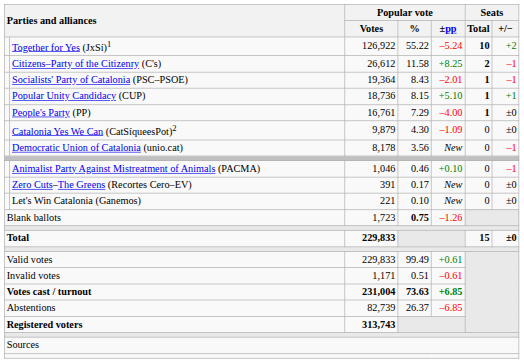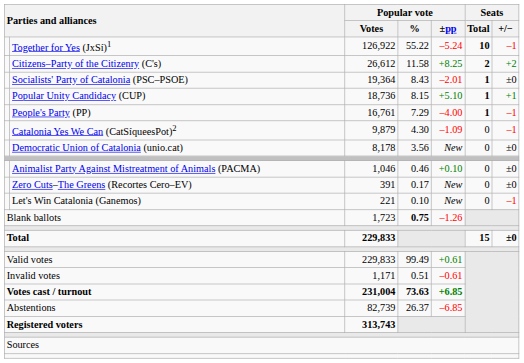 <table class="wikitable" style="text-align:right;">
 <tr>
 <th style="text-align:left;" rowspan="2" colspan="2" width="525">Parties and alliances</th>
 <th colspan="3">Popular vote</th>
 <th colspan="2">Seats</th>
 </tr>
 <tr>
 <th width="75">Votes</th>
 <th width="45">%</th>
 <th width="45">±<a href='#'>pp</a></th>
 <th width="35">Total</th>
 <th width="35">+/−</th>
 </tr>
 <tr>
 <td width="1" style="color:inherit;background:"></td>
 <td align="left"><a href='#'>Together for Yes</a> (JxSí)<sup>1</sup></td>
 <td>126,922</td>
 <td>55.22</td>
 <td style="color:red;">–5.24</td>
 <td><strong>10</strong></td>
-<td style="color:green;">+2</td>
+<td style="color:red;">–1</td>
 </tr>
 <tr>
 <td style="color:inherit;background:"></td>
 <td align="left"><a href='#'>Citizens–Party of the Citizenry</a> (C's)</td>
 <td>26,612</td>
 <td>11.58</td>
 <td style="color:green;">+8.25</td>
 <td><strong>2</strong></td>
-<td style="color:red;">–1</td>
+<td style="color:green;">+2</td>
 </tr>
 <tr>
 <td style="color:inherit;background:"></td>
 <td align="left"><a href='#'>Socialists' Party of Catalonia</a> (PSC–PSOE)</td>
 <td>19,364</td>
 <td>8.43</td>
 <td style="color:red;">–2.01</td>
 <td><strong>1</strong></td>
-<td style="color:red;">–1</td>
+<td>±0</td>
 </tr>
 <tr>
 <td style="color:inherit;background:"></td>
 <td align="left"><a href='#'>Popular Unity Candidacy</a> (CUP)</td>
 <td>18,736</td>
 <td>8.15</td>
 <td style="color:green;">+5.10</td>
 <td><strong>1</strong></td>
 <td style="color:green;">+1</td>
 </tr>
 <tr>
 <td style="color:inherit;background:"></td>
 <td align="left"><a href='#'>People's Party</a> (PP)</td>
 <td>16,761</td>
 <td>7.29</td>
 <td style="color:red;">–4.00</td>
 <td><strong>1</strong></td>
-<td>±0</td>
+<td style="color:red;">–1</td>
 </tr>
 <tr>
 <td style="color:inherit;background:"></td>
 <td align="left"><a href='#'>Catalonia Yes We Can</a> (CatSíqueesPot)<sup>2</sup></td>
 <td>9,879</td>
 <td>4.30</td>
 <td style="color:red;">–1.09</td>
 <td>0</td>
-<td>±0</td>
+<td style="color:red;">–1</td>
 </tr>
 <tr>
 <td style="color:inherit;background:"></td>
 <td align="left"><a href='#'>Democratic Union of Catalonia</a> (unio.cat)</td>
 <td>8,178</td>
 <td>3.56</td>
 <td><em>New</em></td>
 <td>0</td>
-<td style="color:red;">–1</td>
+<td>±0</td>
 </tr>
 <tr>
 <td colspan="7" bgcolor="#C0C0C0"></td>
 </tr>
 <tr>
 <td style="color:inherit;background:"></td>
 <td align="left"><a href='#'>Animalist Party Against Mistreatment of Animals</a> (PACMA)</td>
 <td>1,046</td>
 <td>0.46</td>
 <td style="color:green;">+0.10</td>
 <td>0</td>
-<td style="color:red;">–1</td>
+<td>±0</td>
 </tr>
 <tr>
 <td style="color:inherit;background:"></td>
 <td align="left"><a href='#'>Zero Cuts</a>–<a href='#'>The Greens</a> (Recortes Cero–EV)</td>
 <td>391</td>
 <td>0.17</td>
 <td><em>New</em></td>
 <td>0</td>
 <td>±0</td>
 </tr>
 <tr>
 <td style="color:inherit;background:"></td>
 <td align="left">Let's Win Catalonia (Ganemos)</td>
 <td>221</td>
 <td>0.10</td>
 <td><em>New</em></td>
 <td>0</td>
-<td>±0</td>
+<td style="color:red;">–1</td>
 </tr>
 <tr>
 <td align="left" colspan="2">Blank ballots</td>
 <td>1,723</td>
 <td><strong>0.75</strong></td>
 <td style="color:red;">–1.26</td>
 <td bgcolor="#E9E9E9" colspan="2"></td>
 </tr>
 <tr>
 <td colspan="7" bgcolor="#E9E9E9"></td>
 </tr>
 <tr style="font-weight:bold;">
 <td align="left" colspan="2">Total</td>
 <td>229,833</td>
 <td bgcolor="#E9E9E9" colspan="2"></td>
 <td>15</td>
 <td>±0</td>
 </tr>
 <tr>
 <td colspan="7" bgcolor="#E9E9E9"></td>
 </tr>
 <tr>
 <td align="left" colspan="2">Valid votes</td>
 <td>229,833</td>
 <td>99.49</td>
 <td style="color:green;">+0.61</td>
 <td bgcolor="#E9E9E9" colspan="2" rowspan="5"></td>
 </tr>
 <tr>
 <td align="left" colspan="2">Invalid votes</td>
 <td>1,171</td>
 <td>0.51</td>
 <td style="color:red;">–0.61</td>
 </tr>
 <tr style="font-weight:bold;">
 <td align="left" colspan="2">Votes cast / turnout</td>
 <td>231,004</td>
 <td>73.63</td>
 <td style="color:green;">+6.85</td>
 </tr>
 <tr>
 <td align="left" colspan="2">Abstentions</td>
 <td>82,739</td>
 <td>26.37</td>
 <td style="color:red;">–6.85</td>
 </tr>
 <tr style="font-weight:bold;">
 <td align="left" colspan="2">Registered voters</td>
 <td>313,743</td>
 <td bgcolor="#E9E9E9" colspan="2"></td>
 </tr>
 <tr>
 <td colspan="7" bgcolor="#E9E9E9"></td>
 </tr>
 <tr>
 <td align="left" colspan="7">Sources</td>
 </tr>
 <tr>
 <td colspan="7" style="text-align:left; max-width:790px;"></td>
 </tr>
 </table>
